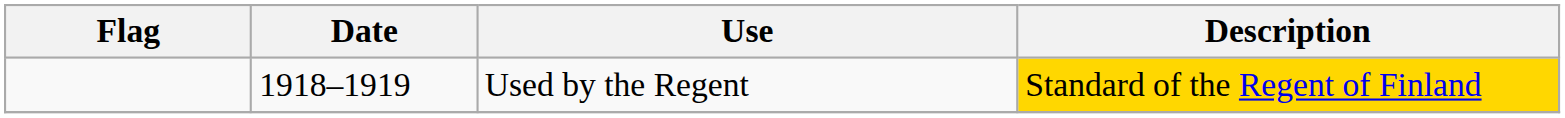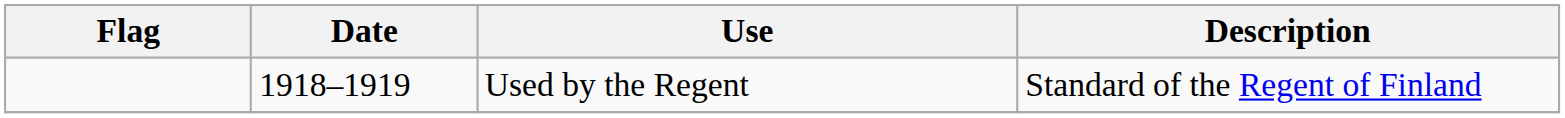 <table class="wikitable">
 <tr>
 <th style="width:110px;">Flag</th>
 <th style="width:100px;">Date</th>
 <th style="width:250px;">Use</th>
 <th style="width:250px;">Description</th>
 </tr>
 <tr>
 <td></td>
 <td>1918–1919</td>
 <td>Used by the Regent</td>
-<td style="background: gold;">Standard of the <a href='#'>Regent of Finland</a></td>
+<td>Standard of the <a href='#'>Regent of Finland</a></td>
 </tr>
 <tr>
 </tr>
 </table>
